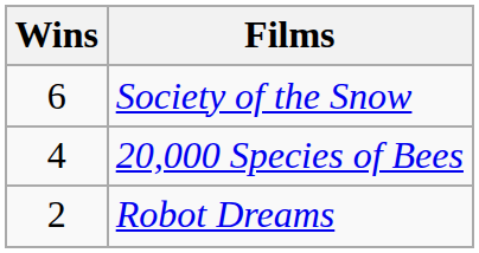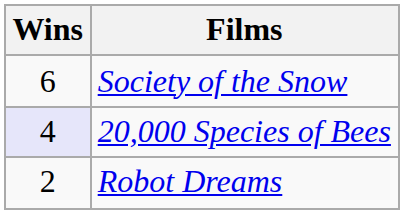 <table class="wikitable">
 <tr>
 <th>Wins</th>
 <th>Films</th>
 </tr>
 <tr>
 <td style="text-align:center">6</td>
 <td><em><a href='#'>Society of the Snow</a></em></td>
 </tr>
 <tr>
-<td style="text-align:center">4</td>
+<td style="background: lavender; text-align:center">4</td>
 <td><em><a href='#'>20,000 Species of Bees</a></em></td>
 </tr>
 <tr>
 <td style="text-align:center">2</td>
 <td><em><a href='#'>Robot Dreams</a></em></td>
 </tr>
 <tr>
 </tr>
 </table>
